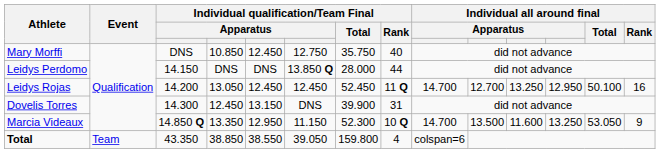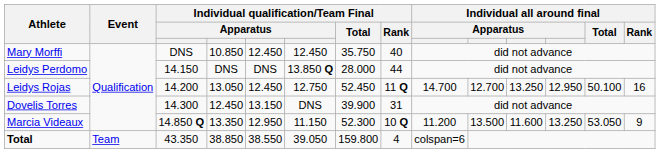 <table class="wikitable" style="font-size:90%">
 <tr>
 <th rowspan=3>Athlete</th>
 <th rowspan=3>Event</th>
 <th colspan=6>Individual qualification/Team Final</th>
 <th colspan=6>Individual all around final</th>
 </tr>
 <tr style="font-size:95%">
 <th colspan=4>Apparatus</th>
 <th rowspan=2>Total</th>
 <th rowspan=2>Rank</th>
 <th colspan=4>Apparatus</th>
 <th rowspan=2>Total</th>
 <th rowspan=2>Rank</th>
 </tr>
 <tr style="font-size:95%">
 <th></th>
 <th></th>
 <th></th>
 <th></th>
 <th></th>
 <th></th>
 <th></th>
 <th></th>
 </tr>
 <tr align=center>
 <td align=left><a href='#'>Mary Morffi</a></td>
 <td style="text-align:left;" rowspan="5"><a href='#'>Qualification</a></td>
 <td>DNS</td>
 <td>10.850</td>
 <td>12.450</td>
-<td>12.750</td>
+<td>12.450</td>
 <td>35.750</td>
 <td>40</td>
 <td colspan=6>did not advance</td>
 </tr>
 <tr align=center>
 <td align=left><a href='#'>Leidys Perdomo</a></td>
 <td>14.150</td>
 <td>DNS</td>
 <td>DNS</td>
 <td>13.850 <strong>Q</strong></td>
 <td>28.000</td>
 <td>44</td>
 <td colspan=6>did not advance</td>
 </tr>
 <tr align=center>
 <td align=left><a href='#'>Leidys Rojas</a></td>
 <td>14.200</td>
 <td>13.050</td>
 <td>12.450</td>
-<td>12.450</td>
+<td>12.750</td>
 <td>52.450</td>
 <td>11 <strong>Q</strong></td>
 <td>14.700</td>
 <td>12.700</td>
 <td>13.250</td>
 <td>12.950</td>
 <td>50.100</td>
 <td>16</td>
 </tr>
 <tr align=center>
 <td align=left><a href='#'>Dovelis Torres</a></td>
 <td>14.300</td>
 <td>12.450</td>
 <td>13.150</td>
 <td>DNS</td>
 <td>39.900</td>
 <td>31</td>
 <td colspan=6>did not advance</td>
 </tr>
 <tr align=center>
 <td align=left><a href='#'>Marcia Videaux</a></td>
 <td>14.850 <strong>Q</strong></td>
 <td>13.350</td>
 <td>12.950</td>
 <td>11.150</td>
 <td>52.300</td>
 <td>10 <strong>Q</strong></td>
-<td>14.700</td>
+<td>11.200</td>
 <td>13.500</td>
 <td>11.600</td>
 <td>13.250</td>
 <td>53.050</td>
 <td>9</td>
 </tr>
 <tr align=center>
 <td align=left><strong>Total</strong></td>
 <td style="text-align:left;"><a href='#'>Team</a></td>
 <td>43.350</td>
 <td>38.850</td>
 <td>38.550</td>
 <td>39.050</td>
 <td>159.800</td>
 <td>4</td>
 <td>colspan=6 </td>
 </tr>
 </table>
